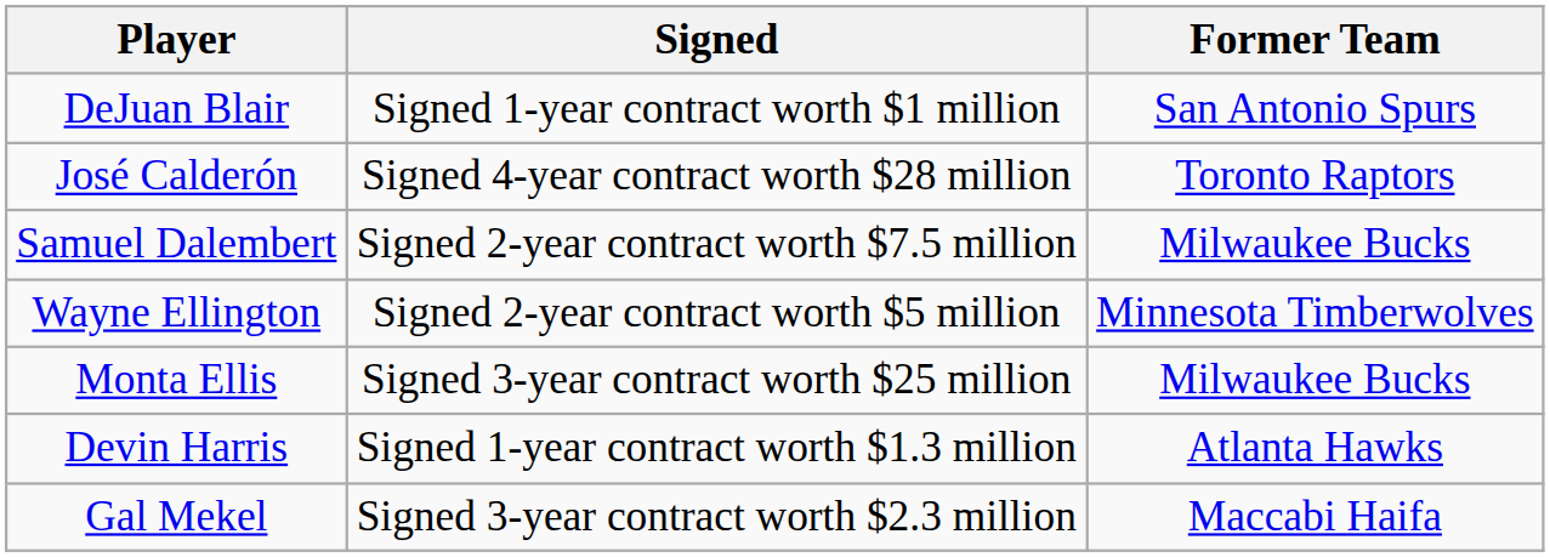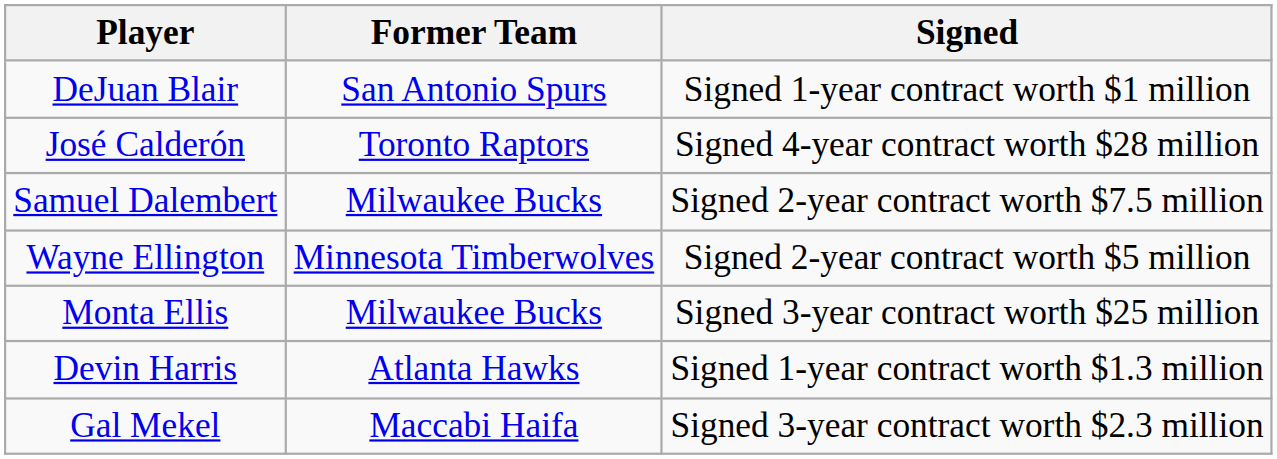 <table class="wikitable sortable sortable">
 <tr>
 <th>Player</th>
+<th>Former Team</th>
 <th>Signed</th>
-<th>Former Team</th>
 </tr>
 <tr style="text-align: center">
 <td><a href='#'>DeJuan Blair</a></td>
+<td><a href='#'>San Antonio Spurs</a></td>
 <td>Signed 1-year contract worth $1 million</td>
-<td><a href='#'>San Antonio Spurs</a></td>
 </tr>
 <tr style="text-align: center">
 <td><a href='#'>José Calderón</a></td>
+<td><a href='#'>Toronto Raptors</a></td>
 <td>Signed 4-year contract worth $28 million</td>
-<td><a href='#'>Toronto Raptors</a></td>
 </tr>
 <tr style="text-align: center">
 <td><a href='#'>Samuel Dalembert</a></td>
+<td><a href='#'>Milwaukee Bucks</a></td>
 <td>Signed 2-year contract worth $7.5 million</td>
-<td><a href='#'>Milwaukee Bucks</a></td>
 </tr>
 <tr style="text-align: center">
 <td><a href='#'>Wayne Ellington</a></td>
+<td><a href='#'>Minnesota Timberwolves</a></td>
 <td>Signed 2-year contract worth $5 million</td>
-<td><a href='#'>Minnesota Timberwolves</a></td>
 </tr>
 <tr style="text-align: center">
 <td><a href='#'>Monta Ellis</a></td>
+<td><a href='#'>Milwaukee Bucks</a></td>
 <td>Signed 3-year contract worth $25 million</td>
-<td><a href='#'>Milwaukee Bucks</a></td>
 </tr>
 <tr style="text-align: center">
 <td><a href='#'>Devin Harris</a></td>
+<td><a href='#'>Atlanta Hawks</a></td>
 <td>Signed 1-year contract worth $1.3 million</td>
-<td><a href='#'>Atlanta Hawks</a></td>
 </tr>
 <tr style="text-align: center">
 <td><a href='#'>Gal Mekel</a></td>
+<td><a href='#'>Maccabi Haifa</a></td>
 <td>Signed 3-year contract worth $2.3 million</td>
-<td><a href='#'>Maccabi Haifa</a></td>
 </tr>
 </table>
